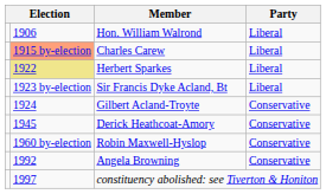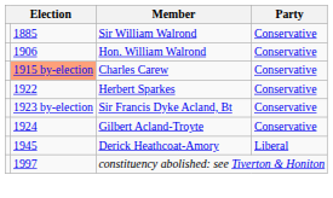 <table class="wikitable">
 <tr>
 <th colspan="2">Election</th>
 <th>Member</th>
 <th>Party</th>
 </tr>
 <tr>
 <td style="color:inherit;background-color: "></td>
+<td><a href='#'>1885</a></td>
+<td><a href='#'>Sir William Walrond</a></td>
+<td><a href='#'>Conservative</a></td>
+</tr>
+<tr>
+<td style="color:inherit;background-color: "></td>
 <td><a href='#'>1906</a></td>
 <td><a href='#'>Hon. William Walrond</a></td>
-<td><a href='#'>Liberal</a></td>
+<td><a href='#'>Conservative</a></td>
 </tr>
 <tr>
 <td style="color:inherit;background-color: "></td>
 <td style="background: lightsalmon;"><a href='#'>1915 by-election</a></td>
 <td><a href='#'>Charles Carew</a></td>
-<td><a href='#'>Liberal</a></td>
+<td><a href='#'>Conservative</a></td>
 </tr>
 <tr>
 <td style="color:inherit;background-color: "></td>
-<td style="background: khaki;"><a href='#'>1922</a></td>
+<td><a href='#'>1922</a></td>
 <td><a href='#'>Herbert Sparkes</a></td>
-<td><a href='#'>Liberal</a></td>
+<td><a href='#'>Conservative</a></td>
 </tr>
 <tr>
 <td style="color:inherit;background-color: "></td>
 <td><a href='#'>1923 by-election</a></td>
 <td><a href='#'>Sir Francis Dyke Acland, Bt</a></td>
-<td><a href='#'>Liberal</a></td>
+<td><a href='#'>Conservative</a></td>
 </tr>
 <tr>
 <td style="color:inherit;background-color: "></td>
 <td><a href='#'>1924</a></td>
 <td><a href='#'>Gilbert Acland-Troyte</a></td>
 <td><a href='#'>Conservative</a></td>
 </tr>
 <tr>
 <td style="color:inherit;background-color: "></td>
 <td><a href='#'>1945</a></td>
 <td><a href='#'>Derick Heathcoat-Amory</a></td>
-<td><a href='#'>Conservative</a></td>
-</tr>
-<tr>
-<td style="color:inherit;background-color: "></td>
-<td><a href='#'>1960 by-election</a></td>
-<td><a href='#'>Robin Maxwell-Hyslop</a></td>
-<td><a href='#'>Conservative</a></td>
-</tr>
-<tr>
-<td style="color:inherit;background-color: "></td>
-<td><a href='#'>1992</a></td>
-<td><a href='#'>Angela Browning</a></td>
-<td><a href='#'>Conservative</a></td>
+<td><a href='#'>Liberal</a></td>
 </tr>
 <tr>
 <td></td>
 <td><a href='#'>1997</a></td>
 <td colspan="2"><em>constituency abolished: see <a href='#'>Tiverton & Honiton</a></em></td>
 </tr>
 </table>
